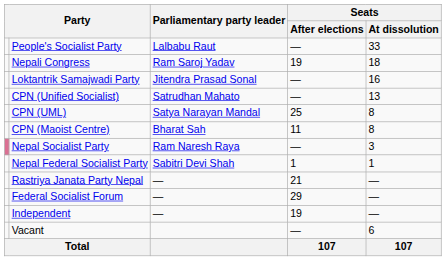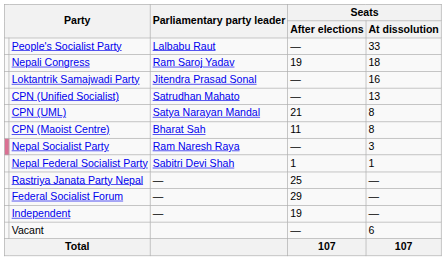 <table class="wikitable">
 <tr>
 <th colspan="2" rowspan="2">Party</th>
 <th rowspan="2">Parliamentary party leader</th>
 <th colspan="2">Seats</th>
 </tr>
 <tr>
 <th>After elections</th>
 <th>At dissolution</th>
 </tr>
 <tr>
 <td></td>
 <td><a href='#'>People's Socialist Party</a></td>
 <td><a href='#'>Lalbabu Raut</a></td>
 <td>—</td>
 <td>33</td>
 </tr>
 <tr>
 <td></td>
 <td><a href='#'>Nepali Congress</a></td>
 <td><a href='#'>Ram Saroj Yadav</a></td>
 <td>19</td>
 <td>18</td>
 </tr>
 <tr>
 <td></td>
 <td><a href='#'>Loktantrik Samajwadi Party</a></td>
 <td><a href='#'>Jitendra Prasad Sonal</a></td>
 <td>—</td>
 <td>16</td>
 </tr>
 <tr>
 <td></td>
 <td><a href='#'>CPN (Unified Socialist)</a></td>
 <td><a href='#'>Satrudhan Mahato</a></td>
 <td>—</td>
 <td>13</td>
 </tr>
 <tr>
 <td></td>
 <td><a href='#'>CPN (UML)</a></td>
 <td><a href='#'>Satya Narayan Mandal</a></td>
-<td>25</td>
+<td>21</td>
 <td>8</td>
 </tr>
 <tr>
 <td></td>
 <td><a href='#'>CPN (Maoist Centre)</a></td>
 <td><a href='#'>Bharat Sah</a></td>
 <td>11</td>
 <td>8</td>
 </tr>
 <tr>
 <td bgcolor="palevioletred"></td>
 <td><a href='#'>Nepal Socialist Party</a></td>
 <td><a href='#'>Ram Naresh Raya</a></td>
 <td>—</td>
 <td>3</td>
 </tr>
 <tr>
 <td></td>
 <td><a href='#'>Nepal Federal Socialist Party</a></td>
 <td><a href='#'>Sabitri Devi Shah</a></td>
 <td>1</td>
 <td>1</td>
 </tr>
 <tr>
 <td></td>
 <td><a href='#'>Rastriya Janata Party Nepal</a></td>
 <td>—</td>
-<td>21</td>
+<td>25</td>
 <td>—</td>
 </tr>
 <tr>
 <td></td>
 <td><a href='#'>Federal Socialist Forum</a></td>
 <td>—</td>
 <td>29</td>
 <td>—</td>
 </tr>
 <tr>
 <td></td>
 <td><a href='#'>Independent</a></td>
 <td>—</td>
 <td>19</td>
 <td>—</td>
 </tr>
 <tr>
 <td></td>
 <td>Vacant</td>
 <td></td>
 <td>—</td>
 <td>6</td>
 </tr>
 <tr>
 <th colspan="2">Total</th>
 <th></th>
 <th>107</th>
 <th>107</th>
 </tr>
 </table>
